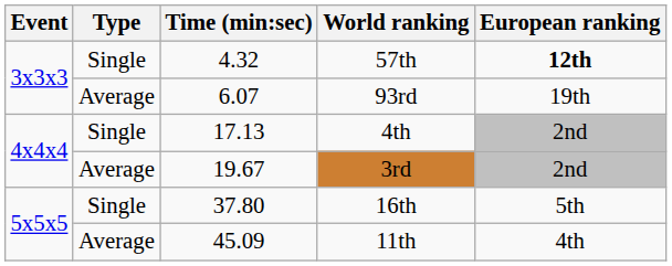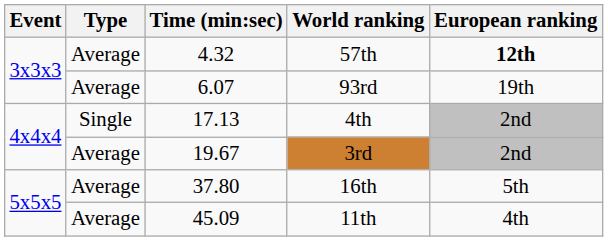 <table class="wikitable">
 <tr>
 <th>Event</th>
 <th>Type</th>
 <th>Time (min:sec)</th>
 <th>World ranking</th>
 <th>European ranking</th>
 </tr>
 <tr>
 <td rowspan="2" align="center"><a href='#'>3x3x3</a></td>
-<td align="center">Single</td>
+<td align="center">Average</td>
 <td align="center">4.32</td>
 <td align="center">57th</td>
 <td align="center"><strong>12th</strong></td>
 </tr>
 <tr>
 <td align="center">Average</td>
 <td align="center">6.07</td>
 <td align="center">93rd</td>
 <td align="center">19th</td>
 </tr>
 <tr>
 <td rowspan="2" align="center"><a href='#'>4x4x4</a></td>
 <td align="center">Single</td>
 <td align="center">17.13</td>
 <td align="center">4th</td>
 <td align="center" style="background: #C0C0C0;">2nd</td>
 </tr>
 <tr>
 <td align="center">Average</td>
 <td align="center">19.67</td>
 <td align="center" style="background: #CD7F32;">3rd</td>
 <td align="center" style="background: #C0C0C0;">2nd</td>
 </tr>
 <tr>
 <td rowspan="2" align="center"><a href='#'>5x5x5</a></td>
-<td align="center">Single</td>
+<td align="center">Average</td>
 <td align="center">37.80</td>
 <td align="center">16th</td>
 <td align="center">5th</td>
 </tr>
 <tr>
 <td align="center">Average</td>
 <td align="center">45.09</td>
 <td align="center">11th</td>
 <td align="center">4th</td>
 </tr>
 </table>
